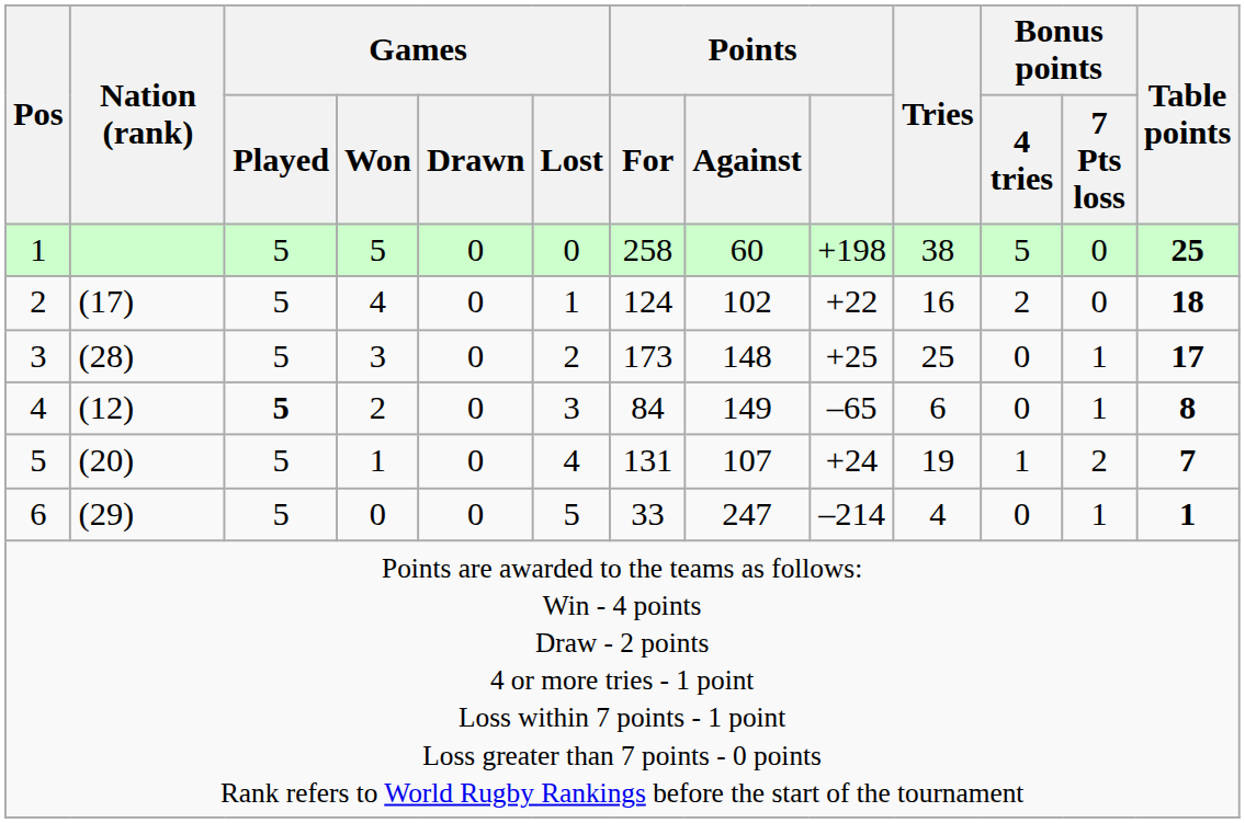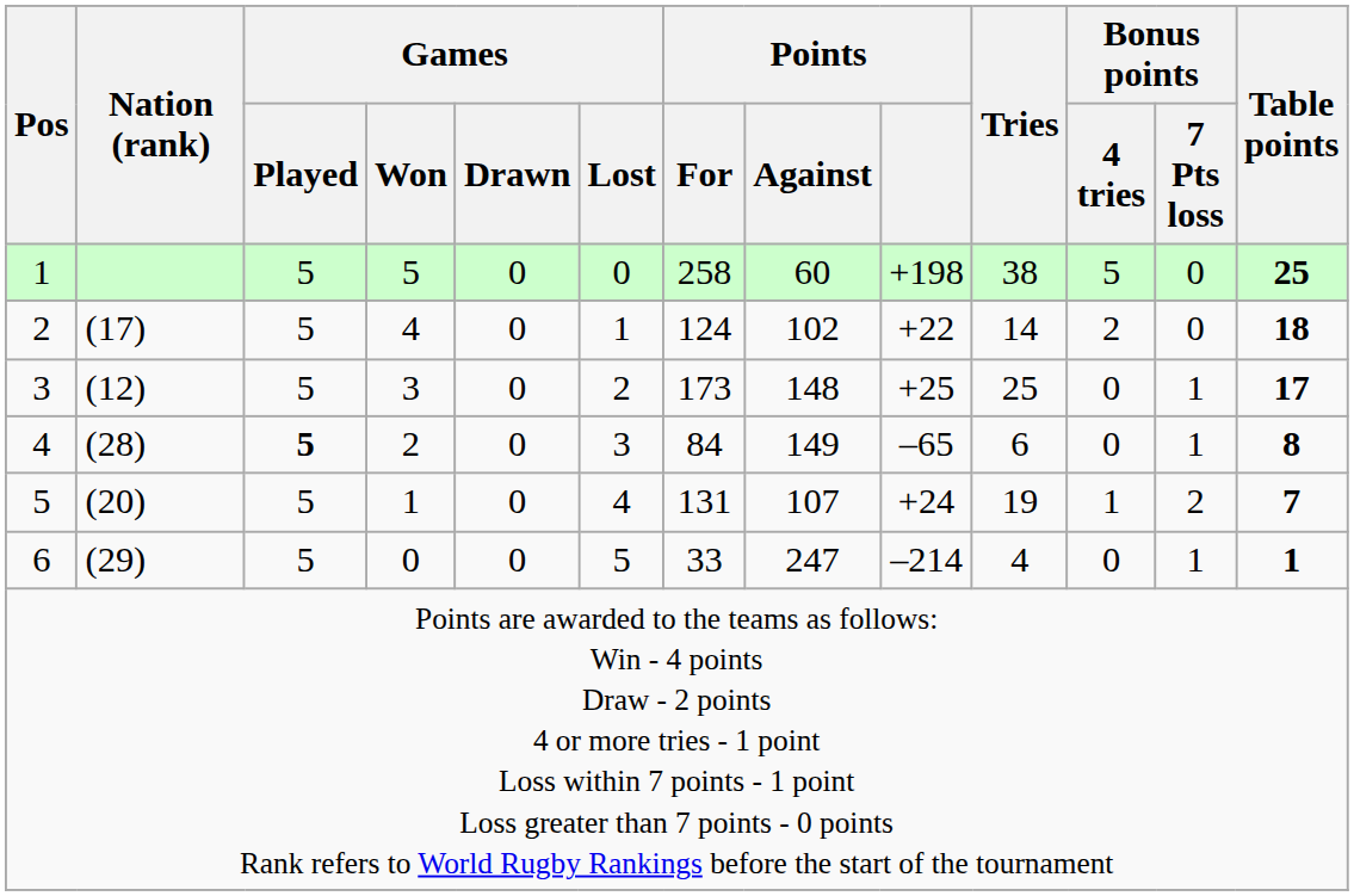 <table class="wikitable" style="text-align:center; width:95%">
 <tr>
 <th rowspan="2" style="width:5%">Pos</th>
 <th rowspan="2" style="width:19%">Nation (rank)</th>
 <th colspan="4" style="width:28%">Games</th>
 <th colspan="3" style="width:18%">Points</th>
 <th rowspan="2" style="width:6%">Tries</th>
 <th colspan="2" style="width:15%">Bonus points</th>
 <th rowspan="2" style="width:8%">Table<br>points</th>
 </tr>
 <tr>
 <th style="width:6%">Played</th>
 <th style="width:6%">Won</th>
 <th style="width:6%">Drawn</th>
 <th style="width:6%">Lost</th>
 <th style="width:7%">For</th>
 <th style="width:7%">Against</th>
 <th style="width:7%"></th>
 <th style="width:7%">4 tries</th>
 <th style="width:7%">7 Pts loss</th>
 </tr>
 <tr bgcolor=ccffcc>
 <td>1</td>
 <td align="left"></td>
 <td>5</td>
 <td>5</td>
 <td>0</td>
 <td>0</td>
 <td>258</td>
 <td>60</td>
 <td>+198</td>
 <td>38</td>
 <td>5</td>
 <td>0</td>
 <td><strong>25</strong></td>
 </tr>
 <tr>
 <td>2</td>
 <td align="left"> (17)</td>
 <td>5</td>
 <td>4</td>
 <td>0</td>
 <td>1</td>
 <td>124</td>
 <td>102</td>
 <td>+22</td>
-<td>16</td>
+<td>14</td>
 <td>2</td>
 <td>0</td>
 <td><strong>18</strong></td>
 </tr>
 <tr>
 <td>3</td>
-<td align="left"> (28)</td>
+<td align="left"> (12)</td>
 <td>5</td>
 <td>3</td>
 <td>0</td>
 <td>2</td>
 <td>173</td>
 <td>148</td>
 <td>+25</td>
 <td>25</td>
 <td>0</td>
 <td>1</td>
 <td><strong>17</strong></td>
 </tr>
 <tr>
 <td>4</td>
-<td align="left"> (12)</td>
+<td align="left"> (28)</td>
 <td><strong>5</strong></td>
 <td>2</td>
 <td>0</td>
 <td>3</td>
 <td>84</td>
 <td>149</td>
 <td>–65</td>
 <td>6</td>
 <td>0</td>
 <td>1</td>
 <td><strong>8</strong></td>
 </tr>
 <tr>
 <td>5</td>
 <td align="left"> (20)</td>
 <td>5</td>
 <td>1</td>
 <td>0</td>
 <td>4</td>
 <td>131</td>
 <td>107</td>
 <td>+24</td>
 <td>19</td>
 <td>1</td>
 <td>2</td>
 <td><strong>7</strong></td>
 </tr>
 <tr>
 <td>6</td>
 <td align="left"> (29)</td>
 <td>5</td>
 <td>0</td>
 <td>0</td>
 <td>5</td>
 <td>33</td>
 <td>247</td>
 <td>–214</td>
 <td>4</td>
 <td>0</td>
 <td>1</td>
 <td><strong>1</strong></td>
 </tr>
 <tr>
 <td colspan="100%" style="text-align:center;"><small>Points are awarded to the teams as follows:<br>Win - 4 points<br>Draw - 2 points<br>4 or more tries - 1 point<br>Loss within 7 points - 1 point<br>Loss greater than 7 points - 0 points <br> Rank refers to <a href='#'>World Rugby Rankings</a> before the start of the tournament</small></td>
 </tr>
 </table>
